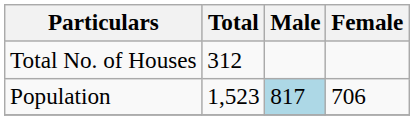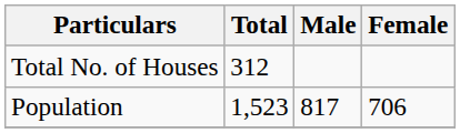 <table class="wikitable sortable">
 <tr>
 <th>Particulars</th>
 <th>Total</th>
 <th>Male</th>
 <th>Female</th>
 </tr>
 <tr>
 <td>Total No. of Houses</td>
 <td>312</td>
 <td></td>
 <td></td>
 </tr>
 <tr>
 <td>Population</td>
 <td>1,523</td>
-<td style="background: lightblue;">817</td>
+<td>817</td>
 <td>706</td>
 </tr>
 <tr>
 </tr>
 </table>
